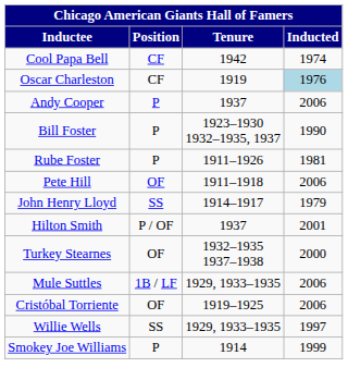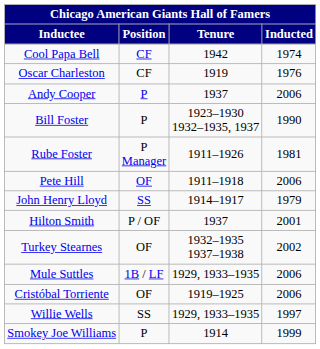 <table class="wikitable" style="text-align:center">
 <tr>
 <th colspan=4 style="background:navy; color:white;">Chicago American Giants Hall of Famers</th>
 </tr>
 <tr>
 <th style="background:navy; color:white;">Inductee</th>
 <th style="background:navy; color:white;">Position</th>
 <th style="background:navy; color:white;">Tenure</th>
 <th style="background:navy; color:white;">Inducted</th>
 </tr>
 <tr>
 <td><a href='#'>Cool Papa Bell</a></td>
 <td><a href='#'>CF</a></td>
 <td>1942</td>
 <td>1974</td>
 </tr>
 <tr>
 <td><a href='#'>Oscar Charleston</a></td>
 <td>CF</td>
 <td>1919</td>
-<td style="background: lightblue;">1976</td>
+<td>1976</td>
 </tr>
 <tr>
 <td><a href='#'>Andy Cooper</a></td>
 <td><a href='#'>P</a></td>
 <td>1937</td>
 <td>2006</td>
 </tr>
 <tr>
 <td><a href='#'>Bill Foster</a></td>
 <td>P</td>
 <td>1923–1930<br>1932–1935, 1937</td>
 <td>1990</td>
 </tr>
 <tr>
 <td><a href='#'>Rube Foster</a></td>
-<td>P</td>
+<td>P<br><a href='#'>Manager</a></td>
 <td>1911–1926</td>
 <td>1981</td>
 </tr>
 <tr>
 <td><a href='#'>Pete Hill</a></td>
 <td><a href='#'>OF</a></td>
 <td>1911–1918</td>
 <td>2006</td>
 </tr>
 <tr>
 <td><a href='#'>John Henry Lloyd</a></td>
 <td><a href='#'>SS</a></td>
 <td>1914–1917</td>
 <td>1979</td>
 </tr>
 <tr>
 <td><a href='#'>Hilton Smith</a></td>
 <td>P / OF</td>
 <td>1937</td>
 <td>2001</td>
 </tr>
 <tr>
 <td><a href='#'>Turkey Stearnes</a></td>
 <td>OF</td>
 <td>1932–1935<br>1937–1938</td>
-<td>2000</td>
+<td>2002</td>
 </tr>
 <tr>
 <td><a href='#'>Mule Suttles</a></td>
 <td><a href='#'>1B</a> / <a href='#'>LF</a></td>
 <td>1929, 1933–1935</td>
 <td>2006</td>
 </tr>
 <tr>
 <td><a href='#'>Cristóbal Torriente</a></td>
 <td>OF</td>
 <td>1919–1925</td>
 <td>2006</td>
 </tr>
 <tr>
 <td><a href='#'>Willie Wells</a></td>
 <td>SS</td>
 <td>1929, 1933–1935</td>
 <td>1997</td>
 </tr>
 <tr>
 <td><a href='#'>Smokey Joe Williams</a></td>
 <td>P</td>
 <td>1914</td>
 <td>1999</td>
 </tr>
 </table>
